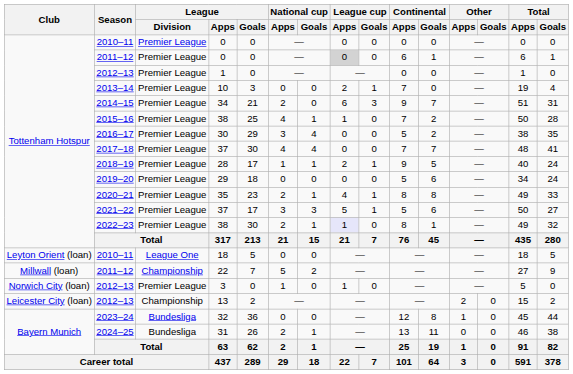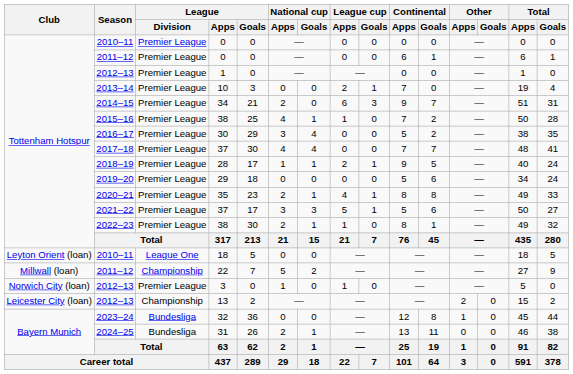 <table class="wikitable" style="text-align: center;">
 <tr>
 <th rowspan="2">Club</th>
 <th rowspan="2">Season</th>
 <th colspan="3">League</th>
 <th colspan="2">National cup</th>
 <th colspan="2">League cup</th>
 <th colspan="2">Continental</th>
 <th colspan="2">Other</th>
 <th colspan="2">Total</th>
 </tr>
 <tr>
 <th>Division</th>
 <th>Apps</th>
 <th>Goals</th>
 <th>Apps</th>
 <th>Goals</th>
 <th>Apps</th>
 <th>Goals</th>
 <th>Apps</th>
 <th>Goals</th>
 <th>Apps</th>
 <th>Goals</th>
 <th>Apps</th>
 <th>Goals</th>
 </tr>
 <tr>
 <td rowspan="14"><a href='#'>Tottenham Hotspur</a></td>
 <td><a href='#'>2010–11</a></td>
 <td><a href='#'>Premier League</a></td>
 <td>0</td>
 <td>0</td>
 <td colspan="2">—</td>
 <td>0</td>
 <td>0</td>
 <td>0</td>
 <td>0</td>
 <td colspan="2">—</td>
 <td>0</td>
 <td>0</td>
 </tr>
 <tr>
 <td><a href='#'>2011–12</a></td>
 <td>Premier League</td>
 <td>0</td>
 <td>0</td>
 <td colspan="2">—</td>
-<td style="background: lightgrey;">0</td>
+<td>0</td>
 <td>0</td>
 <td>6</td>
 <td>1</td>
 <td colspan="2">—</td>
 <td>6</td>
 <td>1</td>
 </tr>
 <tr>
 <td><a href='#'>2012–13</a></td>
 <td>Premier League</td>
 <td>1</td>
 <td>0</td>
 <td colspan="2">—</td>
 <td colspan="2">—</td>
 <td>0</td>
 <td>0</td>
 <td colspan="2">—</td>
 <td>1</td>
 <td>0</td>
 </tr>
 <tr>
 <td><a href='#'>2013–14</a></td>
 <td>Premier League</td>
 <td>10</td>
 <td>3</td>
 <td>0</td>
 <td>0</td>
 <td>2</td>
 <td>1</td>
 <td>7</td>
 <td>0</td>
 <td colspan="2">—</td>
 <td>19</td>
 <td>4</td>
 </tr>
 <tr>
 <td><a href='#'>2014–15</a></td>
 <td>Premier League</td>
 <td>34</td>
 <td>21</td>
 <td>2</td>
 <td>0</td>
 <td>6</td>
 <td>3</td>
 <td>9</td>
 <td>7</td>
 <td colspan="2">—</td>
 <td>51</td>
 <td>31</td>
 </tr>
 <tr>
 <td><a href='#'>2015–16</a></td>
 <td>Premier League</td>
 <td>38</td>
 <td>25</td>
 <td>4</td>
 <td>1</td>
 <td>1</td>
 <td>0</td>
 <td>7</td>
 <td>2</td>
 <td colspan="2">—</td>
 <td>50</td>
 <td>28</td>
 </tr>
 <tr>
 <td><a href='#'>2016–17</a></td>
 <td>Premier League</td>
 <td>30</td>
 <td>29</td>
 <td>3</td>
 <td>4</td>
 <td>0</td>
 <td>0</td>
 <td>5</td>
 <td>2</td>
 <td colspan="2">—</td>
 <td>38</td>
 <td>35</td>
 </tr>
 <tr>
 <td><a href='#'>2017–18</a></td>
 <td>Premier League</td>
 <td>37</td>
 <td>30</td>
 <td>4</td>
 <td>4</td>
 <td>0</td>
 <td>0</td>
 <td>7</td>
 <td>7</td>
 <td colspan="2">—</td>
 <td>48</td>
 <td>41</td>
 </tr>
 <tr>
 <td><a href='#'>2018–19</a></td>
 <td>Premier League</td>
 <td>28</td>
 <td>17</td>
 <td>1</td>
 <td>1</td>
 <td>2</td>
 <td>1</td>
 <td>9</td>
 <td>5</td>
 <td colspan="2">—</td>
 <td>40</td>
 <td>24</td>
 </tr>
 <tr>
 <td><a href='#'>2019–20</a></td>
 <td>Premier League</td>
 <td>29</td>
 <td>18</td>
 <td>0</td>
 <td>0</td>
 <td>0</td>
 <td>0</td>
 <td>5</td>
 <td>6</td>
 <td colspan="2">—</td>
 <td>34</td>
 <td>24</td>
 </tr>
 <tr>
 <td><a href='#'>2020–21</a></td>
 <td>Premier League</td>
 <td>35</td>
 <td>23</td>
 <td>2</td>
 <td>1</td>
 <td>4</td>
 <td>1</td>
 <td>8</td>
 <td>8</td>
 <td colspan="2">—</td>
 <td>49</td>
 <td>33</td>
 </tr>
 <tr>
 <td><a href='#'>2021–22</a></td>
 <td>Premier League</td>
 <td>37</td>
 <td>17</td>
 <td>3</td>
 <td>3</td>
 <td>5</td>
 <td>1</td>
 <td>5</td>
 <td>6</td>
 <td colspan="2">—</td>
 <td>50</td>
 <td>27</td>
 </tr>
 <tr>
 <td><a href='#'>2022–23</a></td>
 <td>Premier League</td>
 <td>38</td>
 <td>30</td>
 <td>2</td>
 <td>1</td>
-<td style="background: lavender;">1</td>
+<td>1</td>
 <td>0</td>
 <td>8</td>
 <td>1</td>
 <td colspan="2">—</td>
 <td>49</td>
 <td>32</td>
 </tr>
 <tr>
 <th colspan="2">Total</th>
 <th>317</th>
 <th>213</th>
 <th>21</th>
 <th>15</th>
 <th>21</th>
 <th>7</th>
 <th>76</th>
 <th>45</th>
 <th colspan="2">—</th>
 <th>435</th>
 <th>280</th>
 </tr>
 <tr>
 <td><a href='#'>Leyton Orient</a> (loan)</td>
 <td><a href='#'>2010–11</a></td>
 <td><a href='#'>League One</a></td>
 <td>18</td>
 <td>5</td>
 <td>0</td>
 <td>0</td>
 <td colspan="2">—</td>
 <td colspan="2">—</td>
 <td colspan="2">—</td>
 <td>18</td>
 <td>5</td>
 </tr>
 <tr>
 <td><a href='#'>Millwall</a> (loan)</td>
 <td><a href='#'>2011–12</a></td>
 <td><a href='#'>Championship</a></td>
 <td>22</td>
 <td>7</td>
 <td>5</td>
 <td>2</td>
 <td colspan="2">—</td>
 <td colspan="2">—</td>
 <td colspan="2">—</td>
 <td>27</td>
 <td>9</td>
 </tr>
 <tr>
 <td><a href='#'>Norwich City</a> (loan)</td>
 <td><a href='#'>2012–13</a></td>
 <td>Premier League</td>
 <td>3</td>
 <td>0</td>
 <td>1</td>
 <td>0</td>
 <td>1</td>
 <td>0</td>
 <td colspan="2">—</td>
 <td colspan="2">—</td>
 <td>5</td>
 <td>0</td>
 </tr>
 <tr>
 <td><a href='#'>Leicester City</a> (loan)</td>
 <td><a href='#'>2012–13</a></td>
 <td>Championship</td>
 <td>13</td>
 <td>2</td>
 <td colspan="2">—</td>
 <td colspan="2">—</td>
 <td colspan="2">—</td>
 <td>2</td>
 <td>0</td>
 <td>15</td>
 <td>2</td>
 </tr>
 <tr>
 <td rowspan="3"><a href='#'>Bayern Munich</a></td>
 <td><a href='#'>2023–24</a></td>
 <td><a href='#'>Bundesliga</a></td>
 <td>32</td>
 <td>36</td>
 <td>0</td>
 <td>0</td>
 <td colspan="2">—</td>
 <td>12</td>
 <td>8</td>
 <td>1</td>
 <td>0</td>
 <td>45</td>
 <td>44</td>
 </tr>
 <tr>
 <td><a href='#'>2024–25</a></td>
 <td>Bundesliga</td>
 <td>31</td>
 <td>26</td>
 <td>2</td>
 <td>1</td>
 <td colspan="2">—</td>
 <td>13</td>
 <td>11</td>
 <td>0</td>
 <td>0</td>
 <td>46</td>
 <td>38</td>
 </tr>
 <tr>
 <th colspan="2">Total</th>
 <th>63</th>
 <th>62</th>
 <th>2</th>
 <th>1</th>
 <th colspan="2">—</th>
 <th>25</th>
 <th>19</th>
 <th>1</th>
 <th>0</th>
 <th>91</th>
 <th>82</th>
 </tr>
 <tr>
 <th colspan="3">Career total</th>
 <th>437</th>
 <th>289</th>
 <th>29</th>
 <th>18</th>
 <th>22</th>
 <th>7</th>
 <th>101</th>
 <th>64</th>
 <th>3</th>
 <th>0</th>
 <th>591</th>
 <th>378</th>
 </tr>
 </table>
